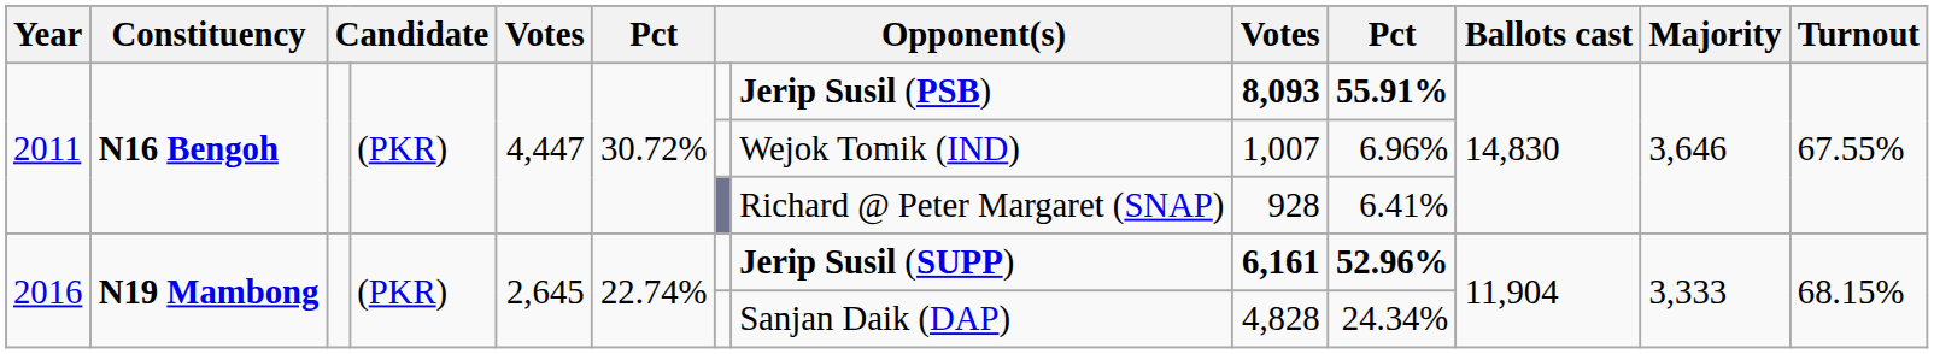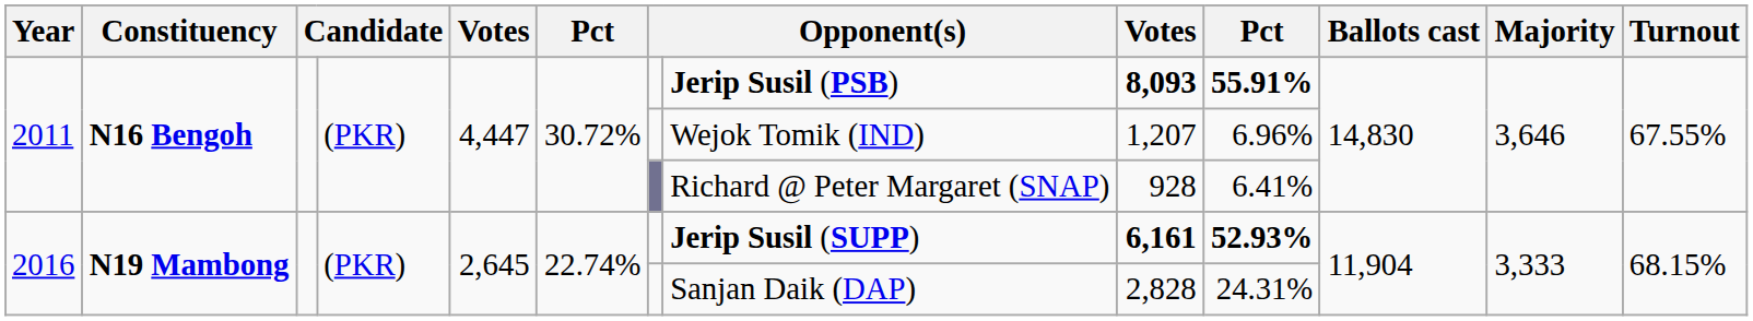 <table class="wikitable" style="margin:0.5em ; font-size:95%">
 <tr>
 <th>Year</th>
 <th>Constituency</th>
 <th colspan=2>Candidate</th>
 <th>Votes</th>
 <th>Pct</th>
 <th colspan=2>Opponent(s)</th>
 <th>Votes</th>
 <th>Pct</th>
 <th>Ballots cast</th>
 <th>Majority</th>
 <th>Turnout</th>
 </tr>
 <tr>
 <td rowspan="3"><a href='#'>2011</a></td>
 <td rowspan="3"><strong>N16 <a href='#'>Bengoh</a></strong></td>
 <td rowspan="3" ></td>
 <td rowspan="3"> (<a href='#'>PKR</a>)</td>
 <td rowspan="3" style="text-align:right;">4,447</td>
 <td rowspan="3" style="text-align:right;">30.72%</td>
 <td></td>
 <td><strong>Jerip Susil</strong> (<a href='#'><strong>PSB</strong></a>)</td>
 <td style="text-align:right;"><strong>8,093</strong></td>
 <td style="text-align:right;"><strong>55.91%</strong></td>
 <td rowspan="3">14,830</td>
 <td rowspan="3">3,646</td>
 <td rowspan="3">67.55%</td>
 </tr>
 <tr>
 <td></td>
 <td>Wejok Tomik (<a href='#'>IND</a>)</td>
-<td style="text-align:right;">1,007</td>
+<td style="text-align:right;">1,207</td>
 <td style="text-align:right;">6.96%</td>
 </tr>
 <tr>
 <td bgcolor="#717190"></td>
 <td>Richard @ Peter Margaret (<a href='#'>SNAP</a>)</td>
 <td style="text-align:right;">928</td>
 <td style="text-align:right;">6.41%</td>
 </tr>
 <tr>
 <td rowspan="2"><a href='#'>2016</a></td>
 <td rowspan="2"><strong>N19 <a href='#'>Mambong</a></strong></td>
 <td rowspan="2" ></td>
 <td rowspan="2"> (<a href='#'>PKR</a>)</td>
 <td rowspan="2" style="text-align:right;">2,645</td>
 <td rowspan="2" style="text-align:right;">22.74%</td>
 <td></td>
 <td><strong>Jerip Susil</strong> (<a href='#'><strong>SUPP</strong></a>)</td>
 <td style="text-align:right;"><strong>6,161</strong></td>
-<td style="text-align:right;"><strong>52.96%</strong></td>
+<td style="text-align:right;"><strong>52.93%</strong></td>
 <td rowspan="2">11,904</td>
 <td rowspan="2">3,333</td>
 <td rowspan="2">68.15%</td>
 </tr>
 <tr>
 <td></td>
 <td>Sanjan Daik (<a href='#'>DAP</a>)</td>
-<td style="text-align:right;">4,828</td>
-<td style="text-align:right;">24.34%</td>
+<td style="text-align:right;">2,828</td>
+<td style="text-align:right;">24.31%</td>
 </tr>
 </table>
